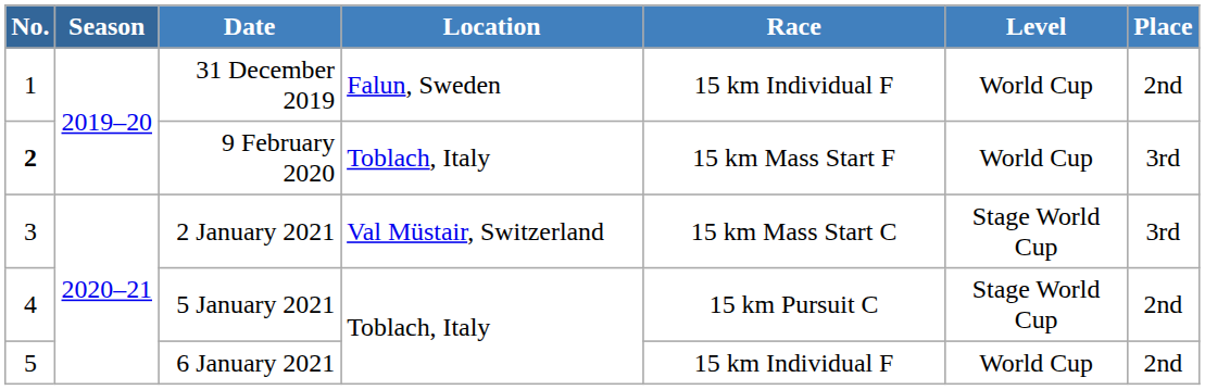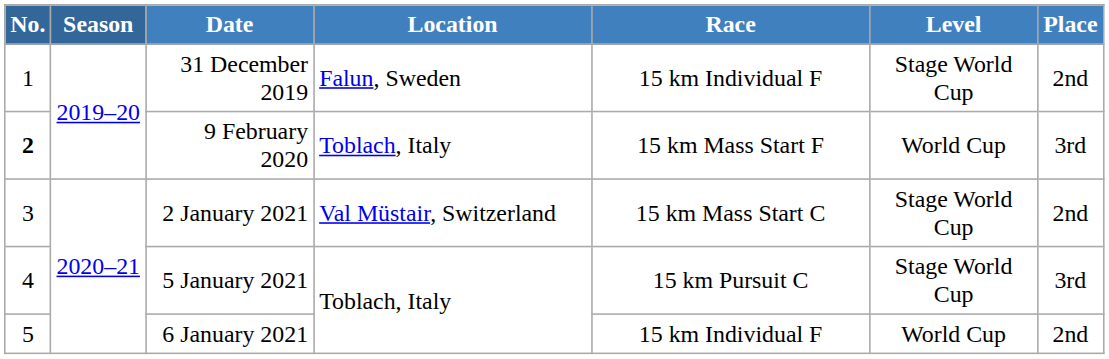 <table class="wikitable sortable" style="font-size:95%; text-align:center; border:grey solid 1px; border-collapse:collapse; background:#ffffff;">
 <tr style="background:#efefef;">
 <th style="background-color:#369; color:white;">No.</th>
 <th style="background-color:#369; color:white;">Season</th>
 <th style="background-color:#4180be; color:white; width:100px;">Date</th>
 <th style="background-color:#4180be; color:white; width:170px;">Location</th>
 <th style="background-color:#4180be; color:white; width:170px;">Race</th>
 <th style="background-color:#4180be; color:white; width:100px;">Level</th>
 <th style="background-color:#4180be; color:white;">Place</th>
 </tr>
 <tr>
 <td align=center>1</td>
 <td rowspan=2 align=center><a href='#'>2019–20</a></td>
 <td align=right>31 December 2019</td>
 <td align=left> <a href='#'>Falun</a>, Sweden</td>
 <td>15 km Individual F</td>
-<td>World Cup</td>
+<td>Stage World Cup</td>
 <td>2nd</td>
 </tr>
 <tr>
 <td align=center><strong>2</strong></td>
 <td align=right>9 February 2020</td>
 <td align=left> <a href='#'>Toblach</a>, Italy</td>
 <td>15 km Mass Start F</td>
 <td>World Cup</td>
 <td>3rd</td>
 </tr>
 <tr>
 <td align=center>3</td>
 <td rowspan=3 align=center><a href='#'>2020–21</a></td>
 <td align=right>2 January 2021</td>
 <td align=left> <a href='#'>Val Müstair</a>, Switzerland</td>
 <td>15 km Mass Start C</td>
 <td>Stage World Cup</td>
-<td>3rd</td>
+<td>2nd</td>
 </tr>
 <tr>
 <td align=center>4</td>
 <td align=right>5 January 2021</td>
 <td rowspan=2 align=left> Toblach, Italy</td>
 <td>15 km Pursuit C</td>
 <td>Stage World Cup</td>
-<td>2nd</td>
+<td>3rd</td>
 </tr>
 <tr>
 <td align=center>5</td>
 <td align=right>6 January 2021</td>
 <td>15 km Individual F</td>
 <td>World Cup</td>
 <td>2nd</td>
 </tr>
 </table>
